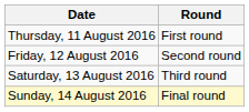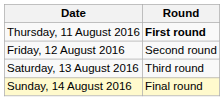 <table class="wikitable">
 <tr>
 <th>Date</th>
 <th>Round</th>
 </tr>
 <tr>
 <td>Thursday, 11 August 2016</td>
-<td>First round</td>
+<td><strong>First round</strong></td>
 </tr>
 <tr>
 <td>Friday, 12 August 2016</td>
 <td>Second round</td>
 </tr>
 <tr>
 <td>Saturday, 13 August 2016</td>
 <td>Third round</td>
 </tr>
 <tr style=background:lemonchiffon>
 <td>Sunday, 14 August 2016</td>
 <td>Final round</td>
 </tr>
 </table>
